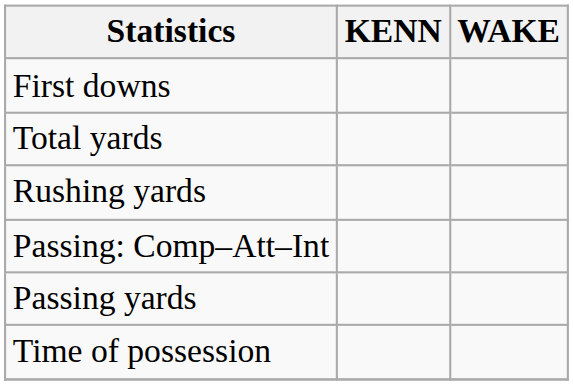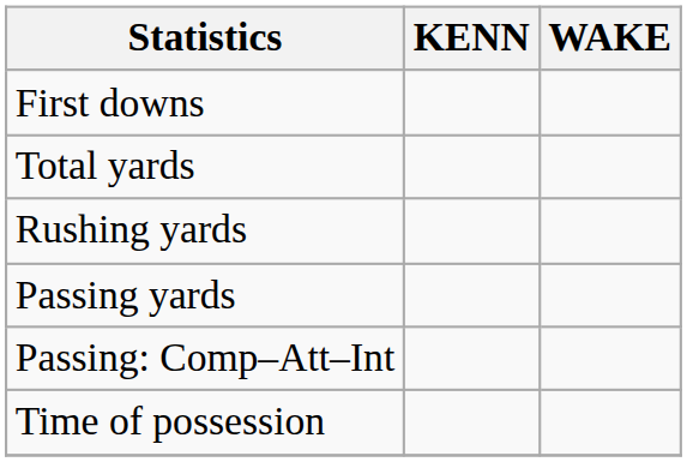 <table class="wikitable" style="float: left;">
 <tr>
 <th>Statistics</th>
 <th>KENN</th>
 <th>WAKE</th>
 </tr>
 <tr>
 <td>First downs</td>
 <td></td>
 <td></td>
 </tr>
 <tr>
 <td>Total yards</td>
 <td></td>
 <td></td>
 </tr>
 <tr>
 <td>Rushing yards</td>
 <td></td>
 <td></td>
 </tr>
 <tr>
-<td>Passing: Comp–Att–Int</td>
+<td>Passing yards</td>
 <td></td>
 <td></td>
 </tr>
 <tr>
-<td>Passing yards</td>
+<td>Passing: Comp–Att–Int</td>
 <td></td>
 <td></td>
 </tr>
 <tr>
 <td>Time of possession</td>
 <td></td>
 <td></td>
 </tr>
 <tr>
 </tr>
 </table>
